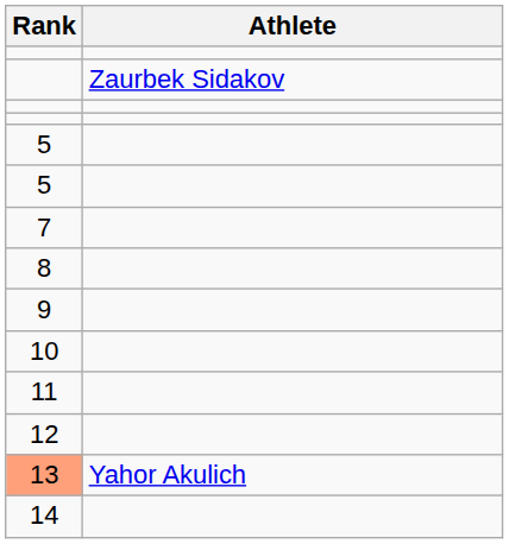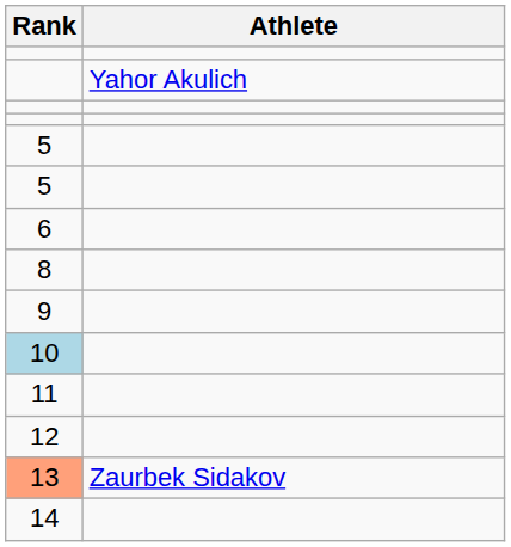 <table class="wikitable" style="text-align: center;">
 <tr>
 <th width=40>Rank</th>
 <th width=250>Athlete</th>
 </tr>
 <tr>
 <td></td>
 <td align="left"></td>
 </tr>
 <tr>
 <td></td>
-<td align="left"> <a href='#'>Zaurbek Sidakov</a> </td>
+<td align="left"> <a href='#'>Yahor Akulich</a> </td>
 </tr>
 <tr>
 <td></td>
 <td align="left"></td>
 </tr>
 <tr>
 <td></td>
 <td align="left"></td>
 </tr>
 <tr>
 <td>5</td>
 <td align="left"></td>
 </tr>
 <tr>
 <td>5</td>
 <td align="left"></td>
 </tr>
 <tr>
-<td>7</td>
+<td>6</td>
 <td align="left"></td>
 </tr>
 <tr>
 <td>8</td>
 <td align="left"></td>
 </tr>
 <tr>
 <td>9</td>
 <td align="left"></td>
 </tr>
 <tr>
-<td>10</td>
+<td style="background: lightblue;">10</td>
 <td align="left"></td>
 </tr>
 <tr>
 <td>11</td>
 <td align="left"></td>
 </tr>
 <tr>
 <td>12</td>
 <td align="left"></td>
 </tr>
 <tr>
 <td style="background: lightsalmon;">13</td>
-<td align="left"> <a href='#'>Yahor Akulich</a> </td>
+<td align="left"> <a href='#'>Zaurbek Sidakov</a> </td>
 </tr>
 <tr>
 <td>14</td>
 <td align="left"></td>
 </tr>
 </table>
